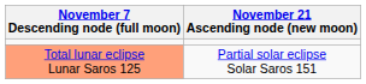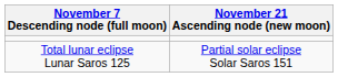 <table class="wikitable">
 <tr>
 <th><a href='#'>November 7</a><br>Descending node (full moon)</th>
 <th><a href='#'>November 21</a><br>Ascending node (new moon)</th>
 </tr>
 <tr>
 <td></td>
 <td></td>
 </tr>
 <tr align=center>
-<td style="background: lightsalmon;"><a href='#'>Total lunar eclipse</a><br>Lunar Saros 125</td>
+<td><a href='#'>Total lunar eclipse</a><br>Lunar Saros 125</td>
 <td><a href='#'>Partial solar eclipse</a><br>Solar Saros 151</td>
 </tr>
 </table>
